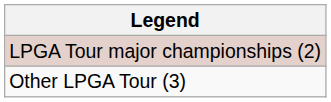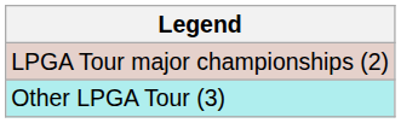 <table class="wikitable" style="font-size:95%;">
 <tr>
 <th>Legend</th>
 </tr>
 <tr style="background:#e5d1cb;">
 <td>LPGA Tour major championships (2)</td>
 </tr>
 <tr>
-<td>Other LPGA Tour (3)</td>
+<td style="background: paleturquoise;">Other LPGA Tour (3)</td>
 </tr>
 </table>
